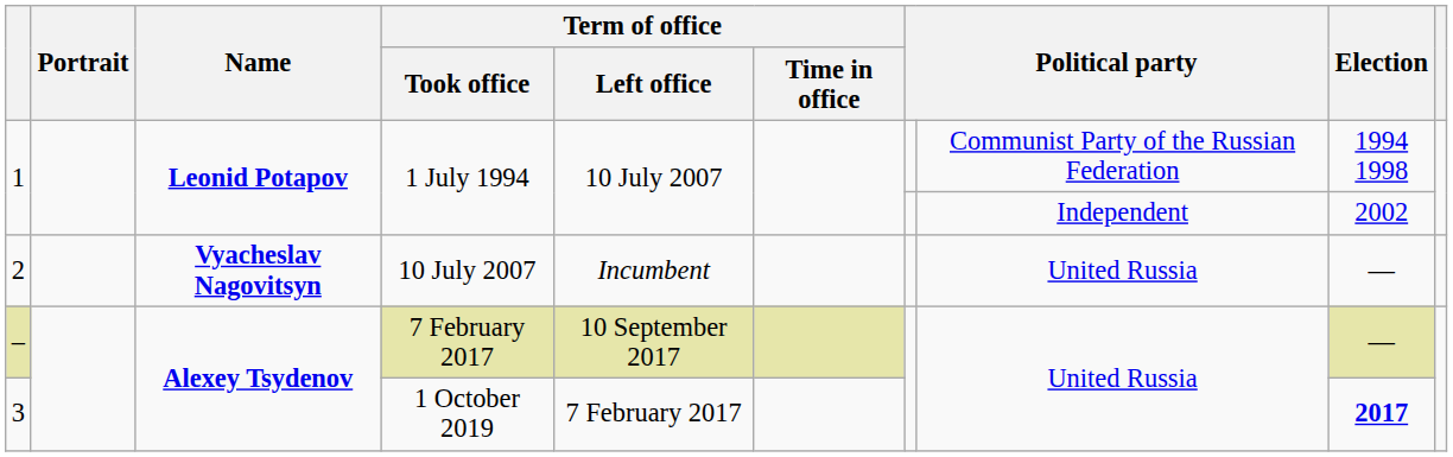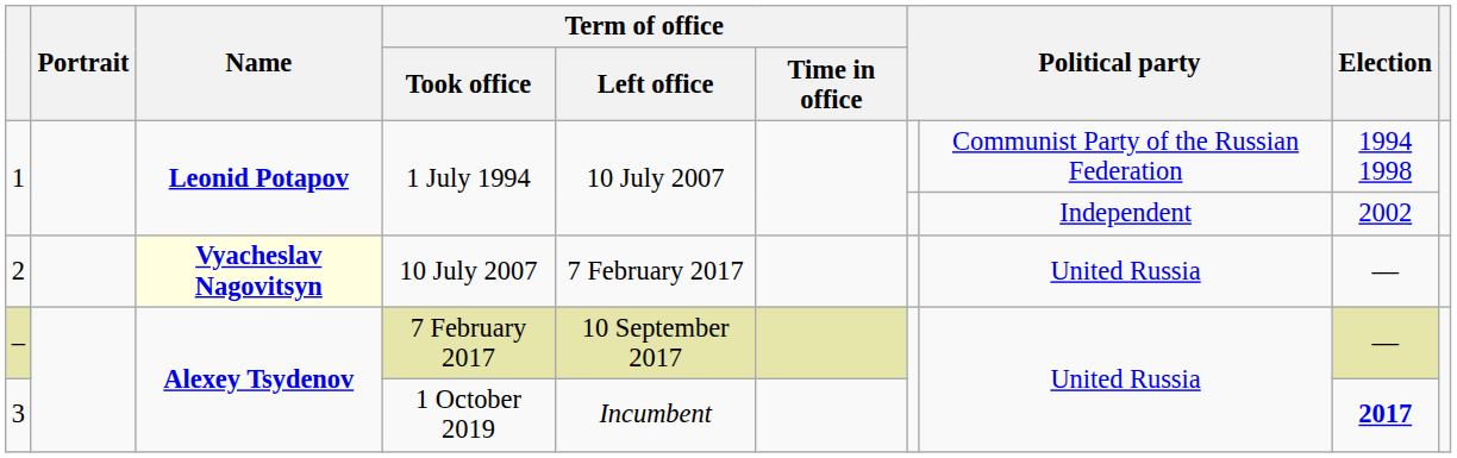 <table class="wikitable" style="text-align:center">
 <tr>
 <th rowspan=2></th>
 <th rowspan=2>Portrait</th>
 <th rowspan=2>Name<br></th>
 <th colspan=3>Term of office</th>
 <th colspan=2 rowspan=2>Political party</th>
 <th rowspan=2>Election</th>
 <th rowspan=2></th>
 </tr>
 <tr>
 <th>Took office</th>
 <th>Left office</th>
 <th>Time in office</th>
 </tr>
 <tr>
 <td rowspan=2>1</td>
 <td rowspan=2></td>
 <td rowspan=2><strong><a href='#'>Leonid Potapov</a></strong><br></td>
 <td rowspan=2>1 July 1994</td>
 <td rowspan=2>10 July 2007</td>
 <td rowspan=2></td>
 <td style="background: "></td>
 <td><a href='#'>Communist Party of the Russian Federation</a></td>
 <td><a href='#'>1994</a><br><a href='#'>1998</a></td>
 <td rowspan=2></td>
 </tr>
 <tr>
 <td style="background: "></td>
 <td><a href='#'>Independent</a></td>
 <td><a href='#'>2002</a></td>
 </tr>
 <tr>
 <td>2</td>
 <td></td>
-<td><strong><a href='#'>Vyacheslav Nagovitsyn</a></strong><br></td>
+<td style="background: lightyellow;"><strong><a href='#'>Vyacheslav Nagovitsyn</a></strong><br></td>
 <td>10 July 2007</td>
-<td><em>Incumbent</em></td>
+<td>7 February 2017</td>
 <td></td>
 <td style="background: "></td>
 <td><a href='#'>United Russia</a></td>
 <td>—</td>
 <td></td>
 </tr>
 <tr>
 <td style="background:#e6e6aa;">–</td>
 <td rowspan=2></td>
 <td rowspan=2><strong><a href='#'>Alexey Tsydenov</a></strong><br></td>
 <td style="background:#e6e6aa;">7 February 2017</td>
 <td style="background:#e6e6aa;">10 September 2017</td>
 <td style="background:#e6e6aa;"></td>
 <td rowspan=2 style="background: "></td>
 <td rowspan=2><a href='#'>United Russia</a></td>
 <td style="background:#e6e6aa;">—</td>
 <td rowspan=2></td>
 </tr>
 <tr>
 <td>3</td>
 <td>1 October 2019</td>
-<td>7 February 2017</td>
+<td><em>Incumbent</em></td>
 <td></td>
 <td><strong><a href='#'>2017</a></strong></td>
 </tr>
 </table>
